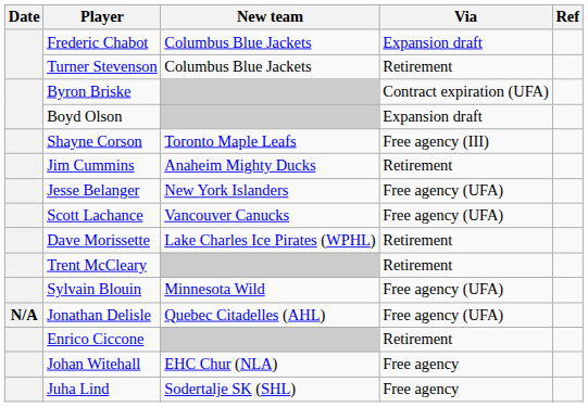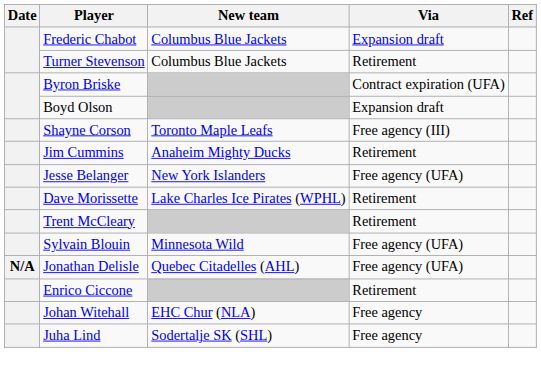 <table class="wikitable plainrowheaders">
 <tr style="background:#ddd; text-align:center;">
 <th>Date</th>
 <th>Player</th>
 <th>New team</th>
 <th>Via</th>
 <th>Ref</th>
 </tr>
 <tr>
 <th scope="row" rowspan=2></th>
 <td><a href='#'>Frederic Chabot</a></td>
 <td><a href='#'>Columbus Blue Jackets</a></td>
 <td><a href='#'>Expansion draft</a></td>
 <td></td>
 </tr>
 <tr>
 <td><a href='#'>Turner Stevenson</a></td>
 <td>Columbus Blue Jackets</td>
 <td>Retirement</td>
 <td></td>
 </tr>
 <tr>
 <th scope="row" rowspan=2></th>
 <td><a href='#'>Byron Briske</a></td>
 <td style="background:#ccc"></td>
 <td>Contract expiration (UFA)</td>
 <td></td>
 </tr>
 <tr>
 <td>Boyd Olson</td>
 <td style="background:#ccc"></td>
 <td>Expansion draft</td>
 <td></td>
 </tr>
 <tr>
 <th scope="row"></th>
 <td><a href='#'>Shayne Corson</a></td>
 <td><a href='#'>Toronto Maple Leafs</a></td>
 <td>Free agency (III)</td>
 <td></td>
 </tr>
 <tr>
 <th scope="row"></th>
 <td><a href='#'>Jim Cummins</a></td>
 <td><a href='#'>Anaheim Mighty Ducks</a></td>
 <td>Retirement</td>
 <td></td>
 </tr>
 <tr>
 <th scope="row"></th>
 <td><a href='#'>Jesse Belanger</a></td>
 <td><a href='#'>New York Islanders</a></td>
 <td>Free agency (UFA)</td>
 <td></td>
 </tr>
 <tr>
 <th scope="row"></th>
-<td><a href='#'>Scott Lachance</a></td>
-<td><a href='#'>Vancouver Canucks</a></td>
-<td>Free agency (UFA)</td>
-<td></td>
-</tr>
-<tr>
-<th scope="row"></th>
 <td><a href='#'>Dave Morissette</a></td>
 <td><a href='#'>Lake Charles Ice Pirates</a> (<a href='#'>WPHL</a>)</td>
 <td>Retirement</td>
 <td></td>
 </tr>
 <tr>
 <th scope="row"></th>
 <td><a href='#'>Trent McCleary</a></td>
 <td style="background:#ccc"></td>
 <td>Retirement</td>
 <td></td>
 </tr>
 <tr>
 <th scope="row"></th>
 <td><a href='#'>Sylvain Blouin</a></td>
 <td><a href='#'>Minnesota Wild</a></td>
 <td>Free agency (UFA)</td>
 <td></td>
 </tr>
 <tr>
 <th scope="row">N/A</th>
 <td><a href='#'>Jonathan Delisle</a></td>
 <td><a href='#'>Quebec Citadelles</a> (<a href='#'>AHL</a>)</td>
 <td>Free agency (UFA)</td>
 <td></td>
 </tr>
 <tr>
 <th scope="row"></th>
 <td><a href='#'>Enrico Ciccone</a></td>
 <td style="background:#ccc"></td>
 <td>Retirement</td>
 <td></td>
 </tr>
 <tr>
 <th scope="row"></th>
 <td><a href='#'>Johan Witehall</a></td>
 <td><a href='#'>EHC Chur</a> (<a href='#'>NLA</a>)</td>
 <td>Free agency</td>
 <td></td>
 </tr>
 <tr>
 <th scope="row"></th>
 <td><a href='#'>Juha Lind</a></td>
 <td><a href='#'>Sodertalje SK</a> (<a href='#'>SHL</a>)</td>
 <td>Free agency</td>
 <td></td>
 </tr>
 </table>
